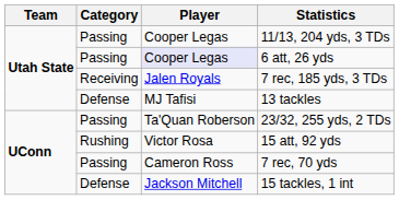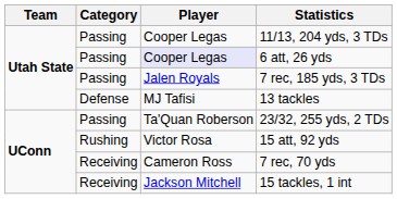 <table class="wikitable" style="float: right;">
 <tr>
 <th>Team</th>
 <th>Category</th>
 <th>Player</th>
 <th>Statistics</th>
 </tr>
 <tr>
 <td rowspan=4><strong>Utah State</strong></td>
 <td>Passing</td>
 <td>Cooper Legas</td>
 <td>11/13, 204 yds, 3 TDs</td>
 </tr>
 <tr>
 <td>Passing</td>
 <td style="background: lavender;">Cooper Legas</td>
 <td>6 att, 26 yds</td>
 </tr>
 <tr>
-<td>Receiving</td>
+<td>Passing</td>
 <td><a href='#'>Jalen Royals</a></td>
 <td>7 rec, 185 yds, 3 TDs</td>
 </tr>
 <tr>
 <td>Defense</td>
 <td>MJ Tafisi</td>
 <td>13 tackles</td>
 </tr>
 <tr>
 <td rowspan=4><strong>UConn</strong></td>
 <td>Passing</td>
 <td>Ta'Quan Roberson</td>
 <td>23/32, 255 yds, 2 TDs</td>
 </tr>
 <tr>
 <td>Rushing</td>
 <td>Victor Rosa</td>
 <td>15 att, 92 yds</td>
 </tr>
 <tr>
-<td>Passing</td>
+<td>Receiving</td>
 <td>Cameron Ross</td>
 <td>7 rec, 70 yds</td>
 </tr>
 <tr>
-<td>Defense</td>
+<td>Receiving</td>
 <td><a href='#'>Jackson Mitchell</a></td>
 <td>15 tackles, 1 int</td>
 </tr>
 </table>
